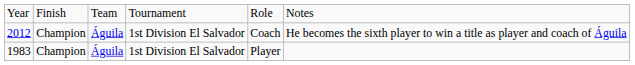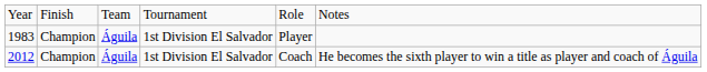 <table class=wikitable>
 <tr>
 <td>Year</td>
 <td>Finish</td>
 <td>Team</td>
 <td>Tournament</td>
 <td>Role</td>
 <td>Notes</td>
 </tr>
 <tr>
+<td>1983</td>
+<td>Champion</td>
+<td><a href='#'>Águila</a></td>
+<td>1st Division El Salvador</td>
+<td>Player</td>
+<td></td>
+</tr>
+<tr>
 <td><a href='#'>2012</a></td>
 <td>Champion</td>
 <td><a href='#'>Águila</a></td>
 <td>1st Division El Salvador</td>
 <td>Coach</td>
 <td>He becomes the sixth player to win a title as player and coach of <a href='#'>Águila</a></td>
 </tr>
-<tr>
-<td>1983</td>
-<td>Champion</td>
-<td><a href='#'>Águila</a></td>
-<td>1st Division El Salvador</td>
-<td>Player</td>
-<td></td>
-</tr>
 </table>
